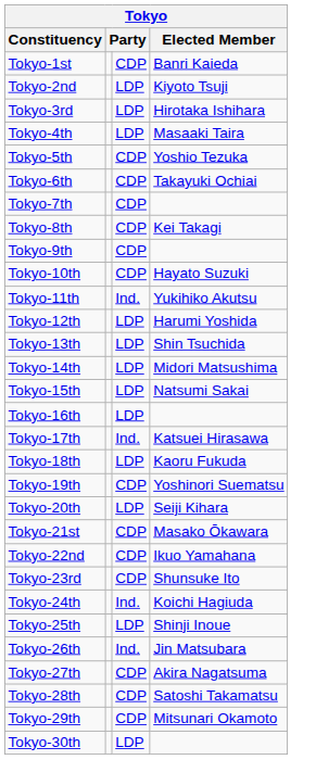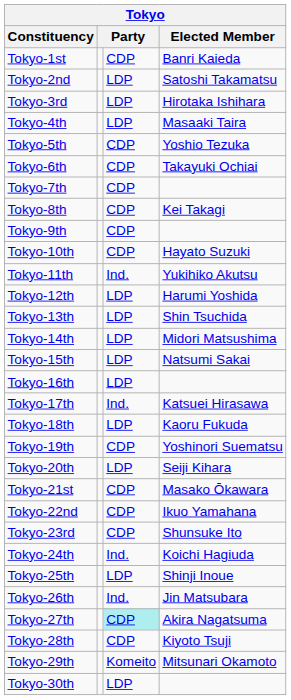 <table class="wikitable">
 <tr>
 <th colspan=4><a href='#'>Tokyo</a></th>
 </tr>
 <tr>
 <th>Constituency</th>
 <th colspan=2>Party</th>
 <th>Elected Member</th>
 </tr>
 <tr>
 <td><a href='#'>Tokyo-1st</a></td>
 <td style="background:"></td>
 <td><a href='#'>CDP</a></td>
 <td><a href='#'>Banri Kaieda</a></td>
 </tr>
 <tr>
 <td><a href='#'>Tokyo-2nd</a></td>
 <td style="background:"></td>
 <td><a href='#'>LDP</a></td>
-<td><a href='#'>Kiyoto Tsuji</a></td>
+<td><a href='#'>Satoshi Takamatsu</a></td>
 </tr>
 <tr>
 <td><a href='#'>Tokyo-3rd</a></td>
 <td style="background:"></td>
 <td><a href='#'>LDP</a></td>
 <td><a href='#'>Hirotaka Ishihara</a></td>
 </tr>
 <tr>
 <td><a href='#'>Tokyo-4th</a></td>
 <td style="background:"></td>
 <td><a href='#'>LDP</a></td>
 <td><a href='#'>Masaaki Taira</a></td>
 </tr>
 <tr>
 <td><a href='#'>Tokyo-5th</a></td>
 <td style="background:"></td>
 <td><a href='#'>CDP</a></td>
 <td><a href='#'>Yoshio Tezuka</a></td>
 </tr>
 <tr>
 <td><a href='#'>Tokyo-6th</a></td>
 <td style="background:"></td>
 <td><a href='#'>CDP</a></td>
 <td><a href='#'>Takayuki Ochiai</a></td>
 </tr>
 <tr>
 <td><a href='#'>Tokyo-7th</a></td>
 <td style="background:"></td>
 <td><a href='#'>CDP</a></td>
 <td></td>
 </tr>
 <tr>
 <td><a href='#'>Tokyo-8th</a></td>
 <td style="background:"></td>
 <td><a href='#'>CDP</a></td>
 <td><a href='#'>Kei Takagi</a></td>
 </tr>
 <tr>
 <td><a href='#'>Tokyo-9th</a></td>
 <td style="background:"></td>
 <td><a href='#'>CDP</a></td>
 <td></td>
 </tr>
 <tr>
 <td><a href='#'>Tokyo-10th</a></td>
 <td style="background:"></td>
 <td><a href='#'>CDP</a></td>
 <td><a href='#'>Hayato Suzuki</a></td>
 </tr>
 <tr>
 <td><a href='#'>Tokyo-11th</a></td>
 <td style="background:"></td>
 <td><a href='#'>Ind.</a></td>
 <td><a href='#'>Yukihiko Akutsu</a></td>
 </tr>
 <tr>
 <td><a href='#'>Tokyo-12th</a></td>
 <td style="background:"></td>
 <td><a href='#'>LDP</a></td>
 <td><a href='#'>Harumi Yoshida</a></td>
 </tr>
 <tr>
 <td><a href='#'>Tokyo-13th</a></td>
 <td style="background:"></td>
 <td><a href='#'>LDP</a></td>
 <td><a href='#'>Shin Tsuchida</a></td>
 </tr>
 <tr>
 <td><a href='#'>Tokyo-14th</a></td>
 <td style="background:"></td>
 <td><a href='#'>LDP</a></td>
 <td><a href='#'>Midori Matsushima</a></td>
 </tr>
 <tr>
 <td><a href='#'>Tokyo-15th</a></td>
 <td style="background:"></td>
 <td><a href='#'>LDP</a></td>
 <td><a href='#'>Natsumi Sakai</a></td>
 </tr>
 <tr>
 <td><a href='#'>Tokyo-16th</a></td>
 <td style="background:"></td>
 <td><a href='#'>LDP</a></td>
 <td></td>
 </tr>
 <tr>
 <td><a href='#'>Tokyo-17th</a></td>
 <td style="background:"></td>
 <td><a href='#'>Ind.</a></td>
 <td><a href='#'>Katsuei Hirasawa</a></td>
 </tr>
 <tr>
 <td><a href='#'>Tokyo-18th</a></td>
 <td style="background:"></td>
 <td><a href='#'>LDP</a></td>
 <td><a href='#'>Kaoru Fukuda</a></td>
 </tr>
 <tr>
 <td><a href='#'>Tokyo-19th</a></td>
 <td style="background:"></td>
 <td><a href='#'>CDP</a></td>
 <td><a href='#'>Yoshinori Suematsu</a></td>
 </tr>
 <tr>
 <td><a href='#'>Tokyo-20th</a></td>
 <td style="background:"></td>
 <td><a href='#'>LDP</a></td>
 <td><a href='#'>Seiji Kihara</a></td>
 </tr>
 <tr>
 <td><a href='#'>Tokyo-21st</a></td>
 <td style="background:"></td>
 <td><a href='#'>CDP</a></td>
 <td><a href='#'>Masako Ōkawara</a></td>
 </tr>
 <tr>
 <td><a href='#'>Tokyo-22nd</a></td>
 <td style="background:"></td>
 <td><a href='#'>CDP</a></td>
 <td><a href='#'>Ikuo Yamahana</a></td>
 </tr>
 <tr>
 <td><a href='#'>Tokyo-23rd</a></td>
 <td style="background:"></td>
 <td><a href='#'>CDP</a></td>
 <td><a href='#'>Shunsuke Ito</a></td>
 </tr>
 <tr>
 <td><a href='#'>Tokyo-24th</a></td>
 <td style="background:"></td>
 <td><a href='#'>Ind.</a></td>
 <td><a href='#'>Koichi Hagiuda</a></td>
 </tr>
 <tr>
 <td><a href='#'>Tokyo-25th</a></td>
 <td style="background:"></td>
 <td><a href='#'>LDP</a></td>
 <td><a href='#'>Shinji Inoue</a></td>
 </tr>
 <tr>
 <td><a href='#'>Tokyo-26th</a></td>
 <td style="background:"></td>
 <td><a href='#'>Ind.</a></td>
 <td><a href='#'>Jin Matsubara</a></td>
 </tr>
 <tr>
 <td><a href='#'>Tokyo-27th</a></td>
 <td style="background:"></td>
-<td><a href='#'>CDP</a></td>
+<td style="background: paleturquoise;"><a href='#'>CDP</a></td>
 <td><a href='#'>Akira Nagatsuma</a></td>
 </tr>
 <tr>
 <td><a href='#'>Tokyo-28th</a></td>
 <td style="background:"></td>
 <td><a href='#'>CDP</a></td>
-<td><a href='#'>Satoshi Takamatsu</a></td>
+<td><a href='#'>Kiyoto Tsuji</a></td>
 </tr>
 <tr>
 <td><a href='#'>Tokyo-29th</a></td>
 <td style="background:"></td>
-<td><a href='#'>CDP</a></td>
+<td><a href='#'>Komeito</a></td>
 <td><a href='#'>Mitsunari Okamoto</a></td>
 </tr>
 <tr>
 <td><a href='#'>Tokyo-30th</a></td>
 <td style="background:"></td>
 <td><a href='#'>LDP</a></td>
 <td></td>
 </tr>
 </table>
